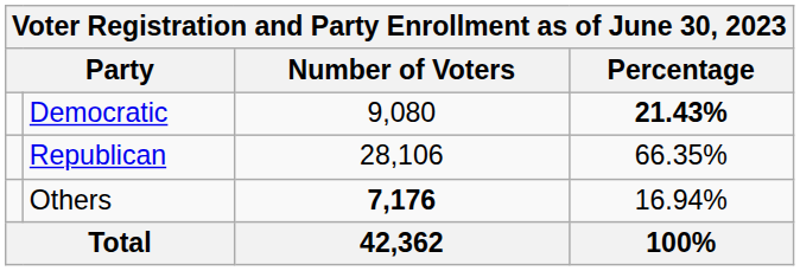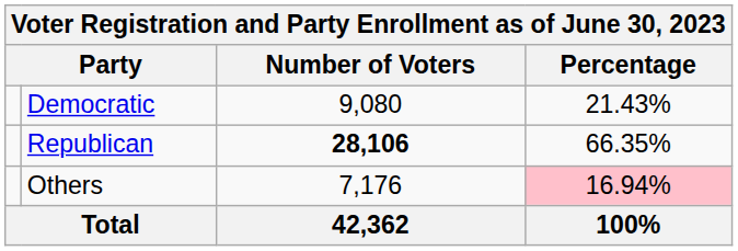 <table class=wikitable>
 <tr>
 <th colspan = 6>Voter Registration and Party Enrollment as of June 30, 2023</th>
 </tr>
 <tr>
 <th colspan = 2>Party</th>
 <th>Number of Voters</th>
 <th>Percentage</th>
 </tr>
 <tr>
 <td></td>
 <td><a href='#'>Democratic</a></td>
 <td align = center>9,080</td>
-<td align = center><strong>21.43%</strong></td>
+<td align = center>21.43%</td>
 </tr>
 <tr>
 <td></td>
 <td><a href='#'>Republican</a></td>
-<td align = center>28,106</td>
+<td align = center><strong>28,106</strong></td>
 <td align = center>66.35%</td>
 </tr>
 <tr>
 <td></td>
 <td>Others</td>
-<td align = center><strong>7,176</strong></td>
-<td align = center>16.94%</td>
+<td align = center>7,176</td>
+<td align = center style="background: pink;">16.94%</td>
 </tr>
 <tr>
 <th colspan = 2>Total</th>
 <th align = center>42,362</th>
 <th align = center>100%</th>
 </tr>
 </table>
